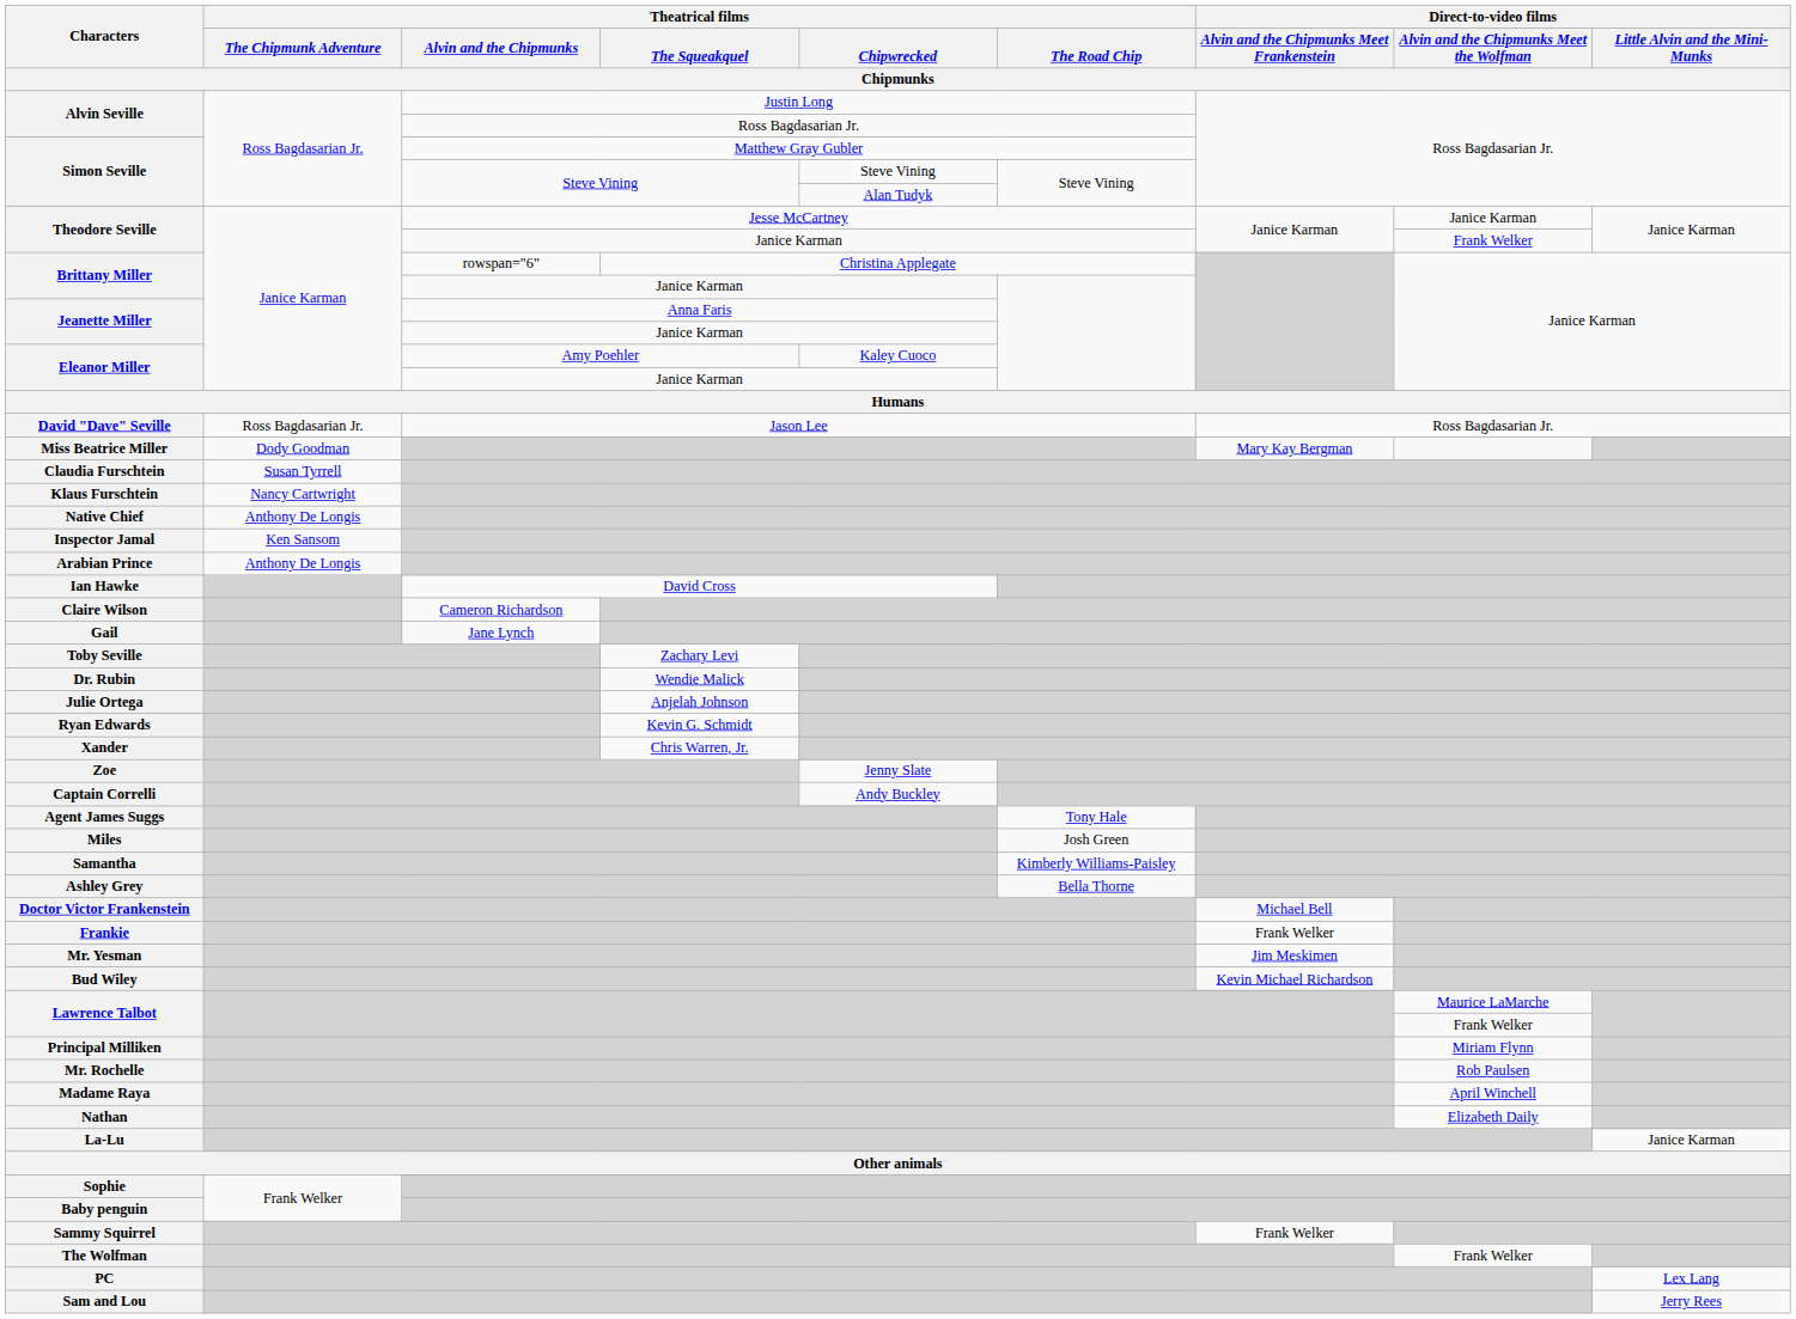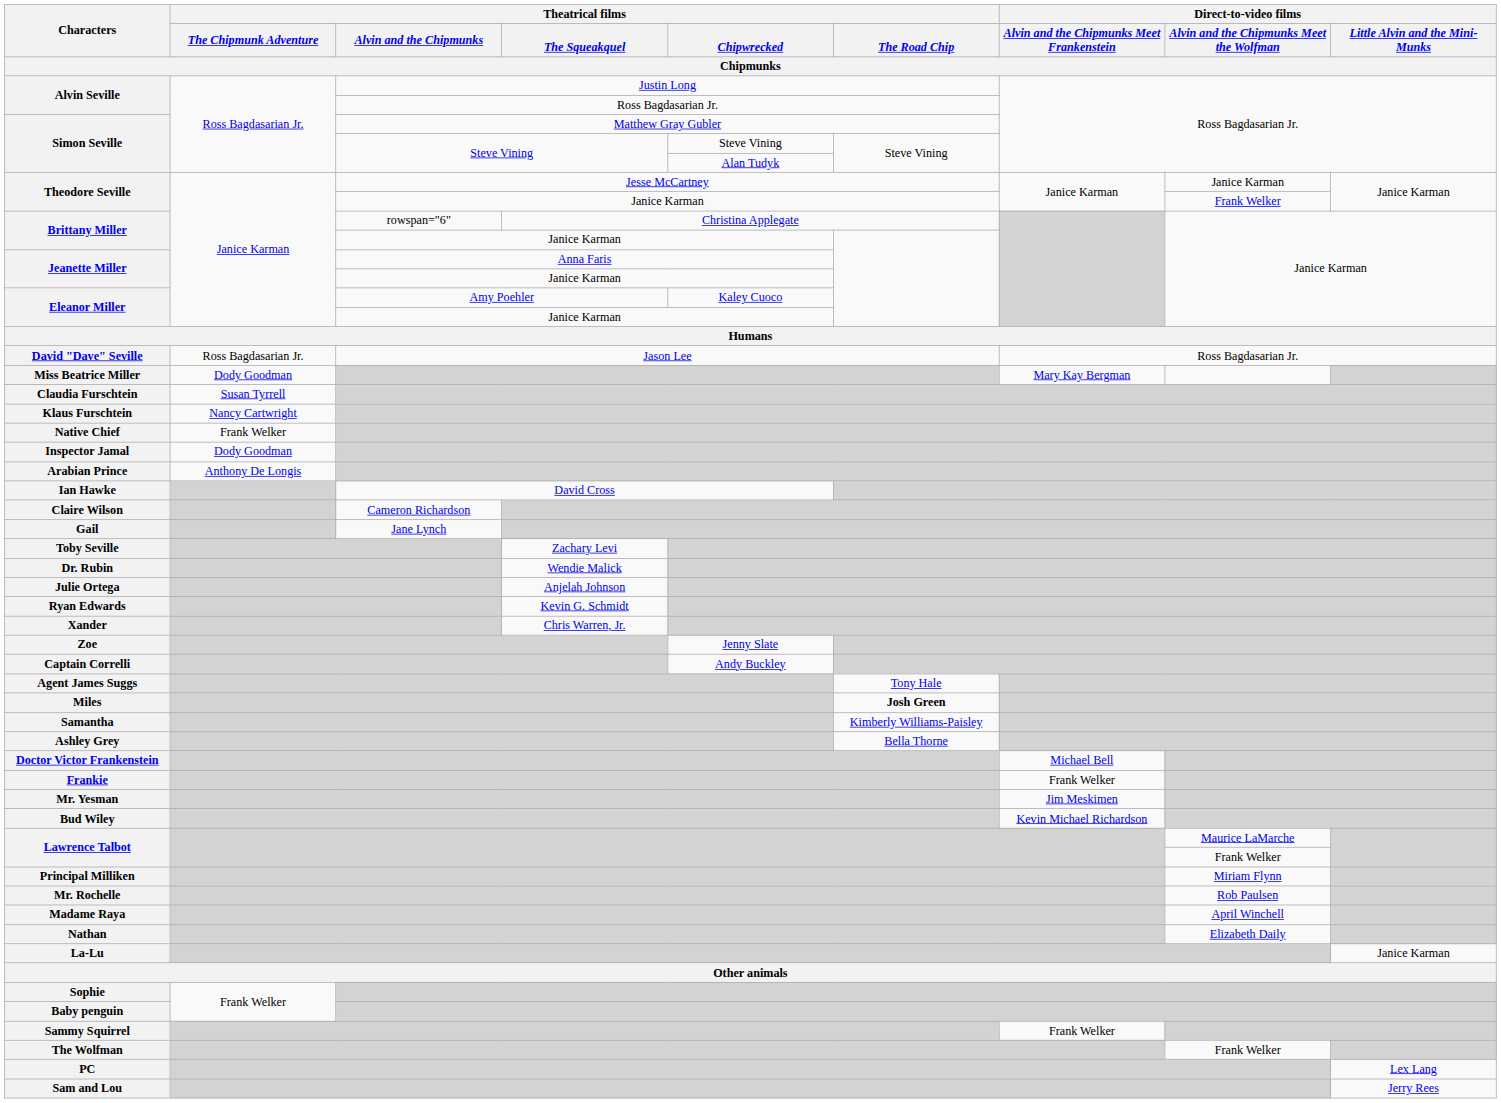 <table class="wikitable" style="text-align:center; width:99%;">
 <tr>
 <th rowspan="2" width="10%">Characters</th>
 <th colspan="5">Theatrical films</th>
 <th colspan="3">Direct-to-video films</th>
 </tr>
 <tr>
 <th align="center" width="10%"><em><a href='#'>The Chipmunk Adventure</a></em></th>
 <th align="center" width="10%"><em><a href='#'>Alvin and the Chipmunks</a></em></th>
 <th align="center" width="10%"><em><a href='#'> <br>The Squeakquel</a></em></th>
 <th align="center" width="10%"><em><a href='#'> <br>Chipwrecked</a></em></th>
 <th align="center" width="10%"><em><a href='#'> <br>The Road Chip</a></em></th>
 <th align="center" width="10%"><em><a href='#'>Alvin and the Chipmunks Meet Frankenstein</a></em></th>
 <th align="center" width="10%"><em><a href='#'>Alvin and the Chipmunks Meet the Wolfman</a></em></th>
 <th align="center" width="10%"><em><a href='#'>Little Alvin and the Mini-Munks</a></em></th>
 </tr>
 <tr>
 <th colspan="9">Chipmunks</th>
 </tr>
 <tr>
 <th rowspan="2">Alvin Seville</th>
 <td rowspan="5"><a href='#'>Ross Bagdasarian Jr.</a></td>
 <td colspan="4"><a href='#'>Justin Long</a></td>
 <td rowspan="5" colspan="3">Ross Bagdasarian Jr.</td>
 </tr>
 <tr>
 <td colspan="4">Ross Bagdasarian Jr.</td>
 </tr>
 <tr>
 <th rowspan="3">Simon Seville</th>
 <td colspan="4"><a href='#'>Matthew Gray Gubler</a></td>
 </tr>
 <tr>
 <td rowspan="2" colspan="2"><a href='#'>Steve Vining</a></td>
 <td>Steve Vining</td>
 <td rowspan="2">Steve Vining</td>
 </tr>
 <tr>
 <td><a href='#'>Alan Tudyk</a></td>
 </tr>
 <tr>
 <th rowspan="2">Theodore Seville</th>
 <td rowspan="8"><a href='#'>Janice Karman</a></td>
 <td colspan="4"><a href='#'>Jesse McCartney</a></td>
 <td rowspan="2">Janice Karman</td>
 <td>Janice Karman</td>
 <td rowspan="2">Janice Karman</td>
 </tr>
 <tr>
 <td colspan="4">Janice Karman</td>
 <td><a href='#'>Frank Welker</a></td>
 </tr>
 <tr>
 <th rowspan="2"><a href='#'>Brittany Miller</a></th>
 <td>rowspan="6" </td>
 <td colspan="3"><a href='#'>Christina Applegate</a></td>
 <td rowspan="6" style="background-color:#D3D3D3;"></td>
 <td rowspan="6" colspan="2">Janice Karman</td>
 </tr>
 <tr>
 <td colspan="3">Janice Karman</td>
 </tr>
 <tr>
 <th rowspan="2"><a href='#'>Jeanette Miller</a></th>
 <td colspan="3"><a href='#'>Anna Faris</a></td>
 </tr>
 <tr>
 <td colspan="3">Janice Karman</td>
 </tr>
 <tr>
 <th rowspan="2"><a href='#'>Eleanor Miller</a></th>
 <td colspan="2"><a href='#'>Amy Poehler</a></td>
 <td><a href='#'>Kaley Cuoco</a></td>
 </tr>
 <tr>
 <td colspan="3">Janice Karman</td>
 </tr>
 <tr>
 <th colspan="9">Humans</th>
 </tr>
 <tr>
 <th><a href='#'>David "Dave" Seville</a></th>
 <td>Ross Bagdasarian Jr.</td>
 <td colspan="4"><a href='#'>Jason Lee</a></td>
 <td colspan="3">Ross Bagdasarian Jr.</td>
 </tr>
 <tr>
 <th>Miss Beatrice Miller</th>
 <td><a href='#'>Dody Goodman</a></td>
 <td colspan="4" style="background-color:#D3D3D3;"></td>
 <td><a href='#'>Mary Kay Bergman</a></td>
 <td></td>
 <td style="background-color:#D3D3D3;"></td>
 </tr>
 <tr>
 <th>Claudia Furschtein</th>
 <td><a href='#'>Susan Tyrrell</a></td>
 <td colspan="7" style="background-color:#D3D3D3;"></td>
 </tr>
 <tr>
 <th>Klaus Furschtein</th>
 <td><a href='#'>Nancy Cartwright</a></td>
 <td colspan="7" style="background-color:#D3D3D3;"></td>
 </tr>
 <tr>
 <th>Native Chief</th>
-<td><a href='#'>Anthony De Longis</a></td>
+<td>Frank Welker</td>
 <td colspan="7" style="background-color:#D3D3D3;"></td>
 </tr>
 <tr>
 <th>Inspector Jamal</th>
-<td><a href='#'>Ken Sansom</a></td>
+<td><a href='#'>Dody Goodman</a></td>
 <td colspan="7" style="background-color:#D3D3D3;"></td>
 </tr>
 <tr>
 <th>Arabian Prince</th>
 <td><a href='#'>Anthony De Longis</a></td>
 <td colspan="7" style="background-color:#D3D3D3;"></td>
 </tr>
 <tr>
 <th>Ian Hawke</th>
 <td style="background-color:#D3D3D3;"></td>
 <td colspan="3"><a href='#'>David Cross</a></td>
 <td colspan="4" style="background-color:#D3D3D3;"></td>
 </tr>
 <tr>
 <th>Claire Wilson</th>
 <td style="background-color:#D3D3D3;"></td>
 <td><a href='#'>Cameron Richardson</a></td>
 <td colspan="6" style="background-color:#D3D3D3;"></td>
 </tr>
 <tr>
 <th>Gail</th>
 <td style="background-color:#D3D3D3;"></td>
 <td><a href='#'>Jane Lynch</a></td>
 <td colspan="6" style="background-color:#D3D3D3;"></td>
 </tr>
 <tr>
 <th>Toby Seville</th>
 <td colspan="2" style="background-color:#D3D3D3;"></td>
 <td><a href='#'>Zachary Levi</a></td>
 <td colspan="5" style="background-color:#D3D3D3;"></td>
 </tr>
 <tr>
 <th>Dr. Rubin</th>
 <td colspan="2" style="background-color:#D3D3D3;"></td>
 <td><a href='#'>Wendie Malick</a></td>
 <td colspan="5" style="background-color:#D3D3D3;"></td>
 </tr>
 <tr>
 <th>Julie Ortega</th>
 <td colspan="2" style="background-color:#D3D3D3;"></td>
 <td><a href='#'>Anjelah Johnson</a></td>
 <td colspan="5" style="background-color:#D3D3D3;"></td>
 </tr>
 <tr>
 <th>Ryan Edwards</th>
 <td colspan="2" style="background-color:#D3D3D3;"></td>
 <td><a href='#'>Kevin G. Schmidt</a></td>
 <td colspan="5" style="background-color:#D3D3D3;"></td>
 </tr>
 <tr>
 <th>Xander</th>
 <td colspan="2" style="background-color:#D3D3D3;"></td>
 <td><a href='#'>Chris Warren, Jr.</a></td>
 <td colspan="5" style="background-color:#D3D3D3;"></td>
 </tr>
 <tr>
 <th>Zoe</th>
 <td colspan="3" style="background-color:#D3D3D3;"></td>
 <td><a href='#'>Jenny Slate</a></td>
 <td colspan="4" style="background-color:#D3D3D3;"></td>
 </tr>
 <tr>
 <th>Captain Correlli</th>
 <td colspan="3" style="background-color:#D3D3D3;"></td>
 <td><a href='#'>Andy Buckley</a></td>
 <td colspan="4" style="background-color:#D3D3D3;"></td>
 </tr>
 <tr>
 <th>Agent James Suggs</th>
 <td colspan="4" style="background-color:#D3D3D3;"></td>
 <td><a href='#'>Tony Hale</a></td>
 <td colspan="3" style="background-color:#D3D3D3;"></td>
 </tr>
 <tr>
 <th>Miles</th>
 <td colspan="4" style="background-color:#D3D3D3;"></td>
-<td>Josh Green</td>
+<td><strong>Josh Green</strong></td>
 <td colspan="3" style="background-color:#D3D3D3;"></td>
 </tr>
 <tr>
 <th>Samantha</th>
 <td colspan="4" style="background-color:#D3D3D3;"></td>
 <td><a href='#'>Kimberly Williams-Paisley</a></td>
 <td colspan="3" style="background-color:#D3D3D3;"></td>
 </tr>
 <tr>
 <th>Ashley Grey</th>
 <td colspan="4" style="background-color:#D3D3D3;"></td>
 <td><a href='#'>Bella Thorne</a></td>
 <td colspan="3" style="background-color:#D3D3D3;"></td>
 </tr>
 <tr>
 <th><a href='#'>Doctor Victor Frankenstein</a></th>
 <td colspan="5" style="background-color:#D3D3D3;"></td>
 <td><a href='#'>Michael Bell</a></td>
 <td colspan="2" style="background-color:#D3D3D3;"></td>
 </tr>
 <tr>
 <th><a href='#'>Frankie</a></th>
 <td colspan="5" style="background-color:#D3D3D3;"></td>
 <td>Frank Welker</td>
 <td colspan="2" style="background-color:#D3D3D3;"></td>
 </tr>
 <tr>
 <th>Mr. Yesman</th>
 <td colspan="5" style="background-color:#D3D3D3;"></td>
 <td><a href='#'>Jim Meskimen</a></td>
 <td colspan="2" style="background-color:#D3D3D3;"></td>
 </tr>
 <tr>
 <th>Bud Wiley</th>
 <td colspan="5" style="background-color:#D3D3D3;"></td>
 <td><a href='#'>Kevin Michael Richardson</a></td>
 <td colspan="2" style="background-color:#D3D3D3;"></td>
 </tr>
 <tr>
 <th rowspan="2"><a href='#'>Lawrence Talbot</a></th>
 <td rowspan="2" colspan="6" style="background-color:#D3D3D3;"></td>
 <td><a href='#'>Maurice LaMarche</a></td>
 <td rowspan="2" style="background-color:#D3D3D3;"></td>
 </tr>
 <tr>
 <td>Frank Welker</td>
 </tr>
 <tr>
 <th>Principal Milliken</th>
 <td colspan="6" style="background-color:#D3D3D3;"></td>
 <td><a href='#'>Miriam Flynn</a></td>
 <td style="background-color:#D3D3D3;"></td>
 </tr>
 <tr>
 <th>Mr. Rochelle</th>
 <td colspan="6" style="background-color:#D3D3D3;"></td>
 <td><a href='#'>Rob Paulsen</a></td>
 <td style="background-color:#D3D3D3;"></td>
 </tr>
 <tr>
 <th>Madame Raya</th>
 <td colspan="6" style="background-color:#D3D3D3;"></td>
 <td><a href='#'>April Winchell</a></td>
 <td style="background-color:#D3D3D3;"></td>
 </tr>
 <tr>
 <th>Nathan</th>
 <td colspan="6" style="background-color:#D3D3D3;"></td>
 <td><a href='#'>Elizabeth Daily</a></td>
 <td style="background-color:#D3D3D3;"></td>
 </tr>
 <tr>
 <th>La-Lu</th>
 <td colspan="7" style="background-color:#D3D3D3;"></td>
 <td>Janice Karman</td>
 </tr>
 <tr>
 <th colspan="9">Other animals</th>
 </tr>
 <tr>
 <th>Sophie</th>
 <td rowspan="2">Frank Welker</td>
 <td colspan="7" style="background-color:#D3D3D3;"></td>
 </tr>
 <tr>
 <th>Baby penguin</th>
 <td colspan="7" style="background-color:#D3D3D3;"></td>
 </tr>
 <tr>
 <th>Sammy Squirrel</th>
 <td colspan="5" style="background-color:#D3D3D3;"></td>
 <td>Frank Welker</td>
 <td colspan="2" style="background-color:#D3D3D3;"></td>
 </tr>
 <tr>
 <th>The Wolfman</th>
 <td colspan="6" style="background-color:#D3D3D3;"></td>
 <td>Frank Welker</td>
 <td style="background-color:#D3D3D3;"></td>
 </tr>
 <tr>
 <th>PC</th>
 <td colspan="7" style="background-color:#D3D3D3;"></td>
 <td><a href='#'>Lex Lang</a></td>
 </tr>
 <tr>
 <th>Sam and Lou</th>
 <td colspan="7" style="background-color:#D3D3D3;"></td>
 <td><a href='#'>Jerry Rees</a></td>
 </tr>
 </table>
